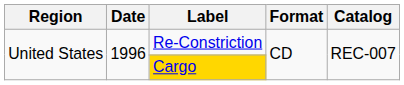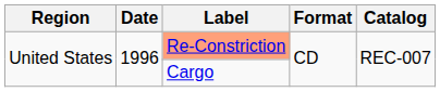 <table class="wikitable">
 <tr>
 <th>Region</th>
 <th>Date</th>
 <th>Label</th>
 <th>Format</th>
 <th>Catalog</th>
 </tr>
 <tr>
 <td rowspan="2">United States</td>
 <td rowspan="2">1996</td>
-<td><a href='#'>Re-Constriction</a></td>
+<td style="background: lightsalmon;"><a href='#'>Re-Constriction</a></td>
 <td rowspan="2">CD</td>
 <td rowspan="2">REC-007</td>
 </tr>
 <tr>
-<td style="background: gold;"><a href='#'>Cargo</a></td>
+<td><a href='#'>Cargo</a></td>
 </tr>
 </table>
